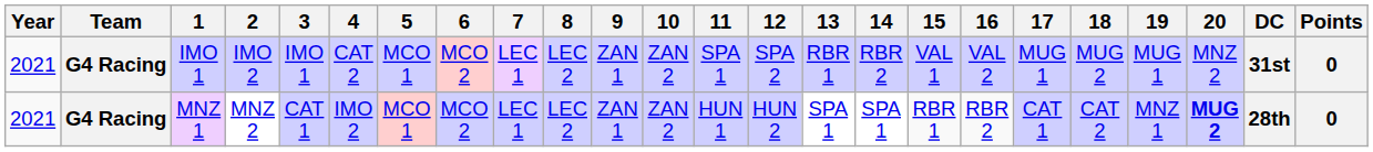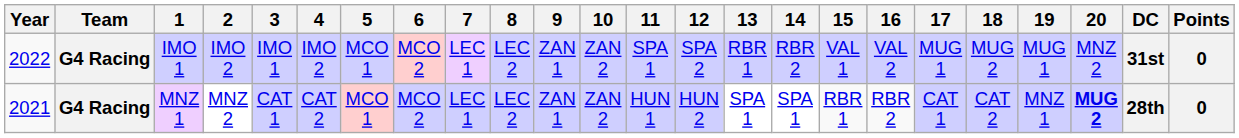 <table class="wikitable" style="text-align:center; font-size:85%">
 <tr>
 <th>Year</th>
 <th>Team</th>
 <th>1</th>
 <th>2</th>
 <th>3</th>
 <th>4</th>
 <th>5</th>
 <th>6</th>
 <th>7</th>
 <th>8</th>
 <th>9</th>
 <th>10</th>
 <th>11</th>
 <th>12</th>
 <th>13</th>
 <th>14</th>
 <th>15</th>
 <th>16</th>
 <th>17</th>
 <th>18</th>
 <th>19</th>
 <th>20</th>
 <th>DC</th>
 <th>Points</th>
 </tr>
 <tr>
-<td><a href='#'>2021</a></td>
+<td><a href='#'>2022</a></td>
 <th nowrap>G4 Racing</th>
 <td style="background:#CFCFFF;"><a href='#'>IMO<br>1</a><br></td>
 <td style="background:#CFCFFF;"><a href='#'>IMO<br>2</a><br></td>
 <td style="background:#CFCFFF;"><a href='#'>IMO<br>1</a><br></td>
-<td style="background:#CFCFFF;"><a href='#'>CAT<br>2</a><br></td>
+<td style="background:#CFCFFF;"><a href='#'>IMO<br>2</a><br></td>
 <td style="background:#CFCFFF;"><a href='#'>MCO<br>1</a><br></td>
 <td style="background:#FFCFCF;"><a href='#'>MCO<br>2</a><br></td>
 <td style="background:#EFCFFF;"><a href='#'>LEC<br>1</a><br></td>
 <td style="background:#CFCFFF;"><a href='#'>LEC<br>2</a><br></td>
 <td style="background:#CFCFFF;"><a href='#'>ZAN<br>1</a><br></td>
 <td style="background:#CFCFFF;"><a href='#'>ZAN<br>2</a><br></td>
 <td style="background:#CFCFFF;"><a href='#'>SPA<br>1</a><br></td>
 <td style="background:#CFCFFF;"><a href='#'>SPA<br>2</a><br></td>
 <td style="background:#CFCFFF;"><a href='#'>RBR<br>1</a><br></td>
 <td style="background:#CFCFFF;"><a href='#'>RBR<br>2</a><br></td>
 <td style="background:#CFCFFF;"><a href='#'>VAL<br>1</a><br></td>
 <td style="background:#CFCFFF;"><a href='#'>VAL<br>2</a><br></td>
 <td style="background:#CFCFFF;"><a href='#'>MUG<br>1</a><br></td>
 <td style="background:#CFCFFF;"><a href='#'>MUG<br>2</a><br></td>
 <td style="background:#CFCFFF;"><a href='#'>MUG<br>1</a><br></td>
 <td style="background:#CFCFFF;"><a href='#'>MNZ<br>2</a><br></td>
 <th>31st</th>
 <th>0</th>
 </tr>
 <tr>
 <td><a href='#'>2021</a></td>
 <th nowrap>G4 Racing</th>
 <td style="background:#EFCFFF;"><a href='#'>MNZ<br>1</a><br></td>
 <td style="background:#FFFFFF;"><a href='#'>MNZ<br>2</a><br></td>
 <td style="background:#CFCFFF;"><a href='#'>CAT<br>1</a><br></td>
-<td style="background:#CFCFFF;"><a href='#'>IMO<br>2</a><br></td>
+<td style="background:#CFCFFF;"><a href='#'>CAT<br>2</a><br></td>
 <td style="background:#FFCFCF;"><a href='#'>MCO<br>1</a><br></td>
 <td style="background:#CFCFFF;"><a href='#'>MCO<br>2</a><br></td>
 <td style="background:#CFCFFF;"><a href='#'>LEC<br>1</a><br></td>
 <td style="background:#CFCFFF;"><a href='#'>LEC<br>2</a><br></td>
 <td style="background:#CFCFFF;"><a href='#'>ZAN<br>1</a><br></td>
 <td style="background:#CFCFFF;"><a href='#'>ZAN<br>2</a><br></td>
 <td style="background:#CFCFFF;"><a href='#'>HUN<br>1</a><br></td>
 <td style="background:#CFCFFF;"><a href='#'>HUN<br>2</a><br></td>
 <td style="background:#FFFFFF;"><a href='#'>SPA<br>1</a><br></td>
 <td style="background:#FFFFFF;"><a href='#'>SPA<br>1</a><br></td>
 <td style="background:#;"><a href='#'>RBR<br>1</a></td>
 <td style="background:#;"><a href='#'>RBR<br>2</a></td>
 <td style="background:#CFCFFF;"><a href='#'>CAT<br>1</a><br></td>
 <td style="background:#CFCFFF;"><a href='#'>CAT<br>2</a><br></td>
 <td style="background:#CFCFFF;"><a href='#'>MNZ<br>1</a><br></td>
 <td style="background:#CFCFFF;"><strong><a href='#'>MUG<br>2</a><br></strong></td>
 <th>28th</th>
 <th>0</th>
 </tr>
 </table>
